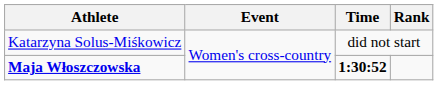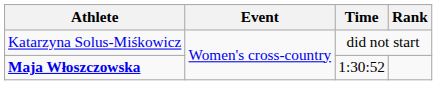 <table class="wikitable" style="font-size:90%">
 <tr>
 <th>Athlete</th>
 <th>Event</th>
 <th>Time</th>
 <th>Rank</th>
 </tr>
 <tr align=center>
 <td align=left><a href='#'>Katarzyna Solus-Miśkowicz</a></td>
 <td align=left rowspan=2><a href='#'>Women's cross-country</a></td>
 <td colspan=2>did not start</td>
 </tr>
 <tr align=center>
 <td align=left><strong><a href='#'>Maja Włoszczowska</a></strong></td>
-<td><strong>1:30:52</strong></td>
+<td>1:30:52</td>
 <td></td>
 </tr>
 </table>
